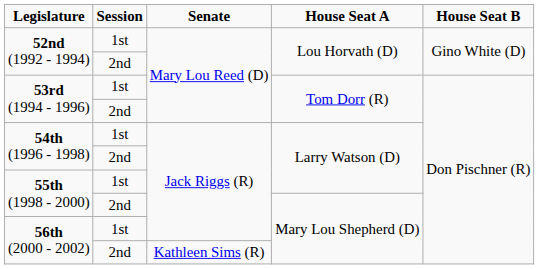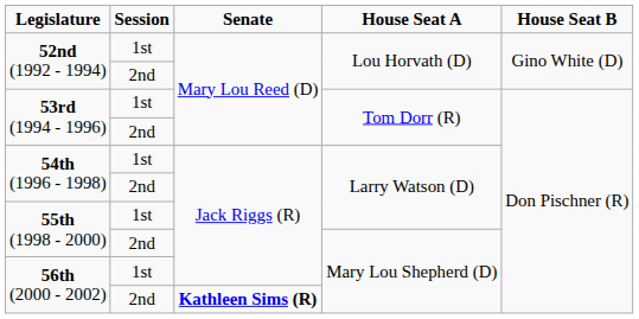 <table class=wikitable style="text-align:center">
 <tr>
 <td><strong>Legislature</strong></td>
 <td><strong>Session</strong></td>
 <td><strong>Senate</strong></td>
 <td><strong>House Seat A</strong></td>
 <td><strong>House Seat B</strong></td>
 </tr>
 <tr>
 <td rowspan="2" colspan="1" style="text-align: center;"><strong>52nd</strong> <br> (1992 - 1994)</td>
 <td>1st</td>
 <td rowspan="4" colspan="1" style="text-align: center;" ><a href='#'>Mary Lou Reed</a> (D)</td>
 <td rowspan="2" colspan="1" style="text-align: center;" >Lou Horvath (D)</td>
 <td rowspan="2" colspan="1" style="text-align: center;" >Gino White (D)</td>
 </tr>
 <tr>
 <td>2nd</td>
 </tr>
 <tr>
 <td rowspan="2" colspan="1" style="text-align: center;"><strong>53rd</strong> <br> (1994 - 1996)</td>
 <td>1st</td>
 <td rowspan="2" colspan="1" style="text-align: center;" ><a href='#'>Tom Dorr</a> (R)</td>
 <td rowspan="8" colspan="1" style="text-align: center;" >Don Pischner (R)</td>
 </tr>
 <tr>
 <td>2nd</td>
 </tr>
 <tr>
 <td rowspan="2" colspan="1" style="text-align: center;"><strong>54th</strong> <br> (1996 - 1998)</td>
 <td>1st</td>
 <td rowspan="5" colspan="1" style="text-align: center;" ><a href='#'>Jack Riggs</a> (R)</td>
 <td rowspan="3" colspan="1" style="text-align: center;" >Larry Watson (D)</td>
 </tr>
 <tr>
 <td>2nd</td>
 </tr>
 <tr>
 <td rowspan="2" colspan="1" style="text-align: center;"><strong>55th</strong> <br> (1998 - 2000)</td>
 <td>1st</td>
 </tr>
 <tr>
 <td>2nd</td>
 <td rowspan="3" colspan="1" style="text-align: center;" >Mary Lou Shepherd (D)</td>
 </tr>
 <tr>
 <td rowspan="2" colspan="1" style="text-align: center;"><strong>56th</strong> <br> (2000 - 2002)</td>
 <td>1st</td>
 </tr>
 <tr>
 <td>2nd</td>
-<td rowspan="1" colspan="1" style="text-align: center;" ><a href='#'>Kathleen Sims</a> (R)</td>
+<td rowspan="1" colspan="1" style="text-align: center;" ><strong><a href='#'>Kathleen Sims</a> (R)</strong></td>
 </tr>
 </table>
